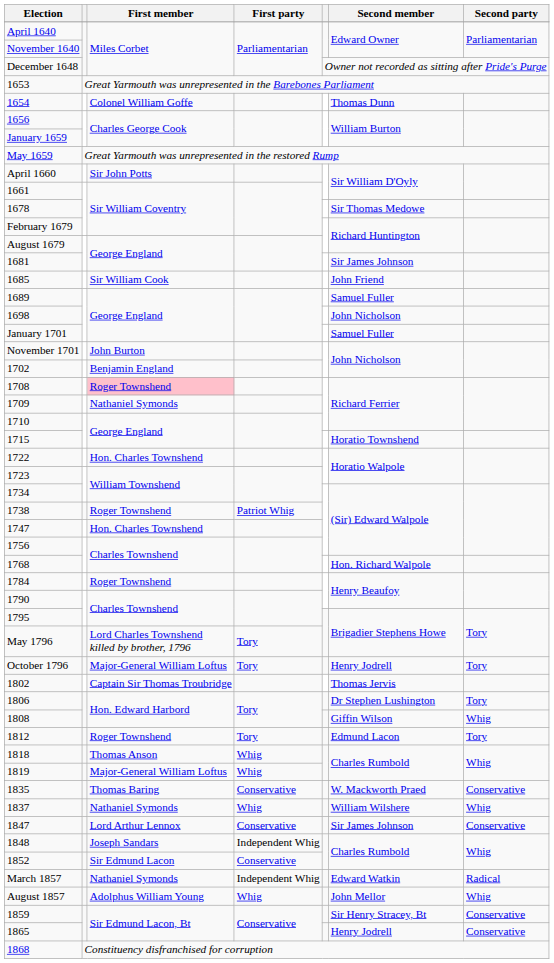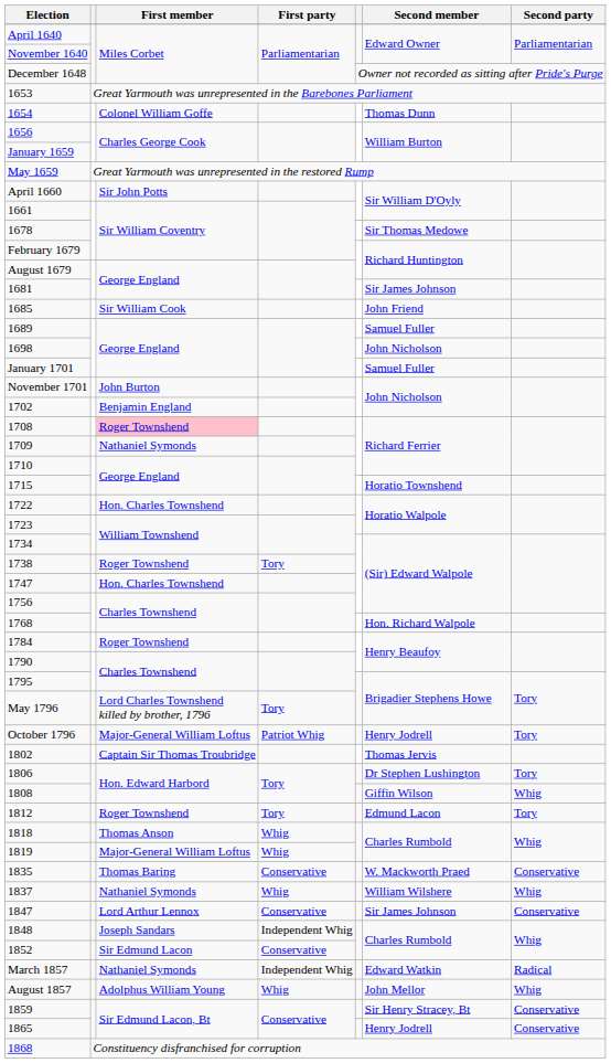 <table class="wikitable">
 <tr>
 <th>Election</th>
 <th></th>
 <th>First member</th>
 <th>First party</th>
 <th></th>
 <th>Second member</th>
 <th>Second party</th>
 </tr>
 <tr>
 </tr>
 <tr>
 <td><a href='#'>April 1640</a></td>
 <td rowspan="3" style="color:inherit;background-color: "></td>
 <td rowspan="3"><a href='#'>Miles Corbet</a></td>
 <td rowspan="3"><a href='#'>Parliamentarian</a></td>
 <td rowspan="2" style="color:inherit;background-color: "></td>
 <td rowspan="2"><a href='#'>Edward Owner</a></td>
 <td rowspan="2"><a href='#'>Parliamentarian</a></td>
 </tr>
 <tr>
 <td><a href='#'>November 1640</a></td>
 </tr>
 <tr>
 <td>December 1648</td>
 <td colspan="3"><em>Owner not recorded as sitting after <a href='#'>Pride's Purge</a></em></td>
 </tr>
 <tr>
 <td>1653</td>
 <td colspan="6"><em>Great Yarmouth was unrepresented in the <a href='#'>Barebones Parliament</a></em></td>
 </tr>
 <tr>
 <td><a href='#'>1654</a></td>
 <td style="color:inherit;background-color: white"></td>
 <td><a href='#'>Colonel William Goffe</a></td>
 <td></td>
 <td style="color:inherit;background-color: white"></td>
 <td><a href='#'>Thomas Dunn</a></td>
 <td></td>
 </tr>
 <tr>
 <td><a href='#'>1656</a></td>
 <td rowspan="2" style="color:inherit;background-color: white"></td>
 <td rowspan="2"><a href='#'>Charles George Cook</a></td>
 <td rowspan="2"></td>
 <td rowspan="2" style="color:inherit;background-color: white"></td>
 <td rowspan="2"><a href='#'>William Burton</a></td>
 <td rowspan="2"></td>
 </tr>
 <tr>
 <td><a href='#'>January 1659</a></td>
 </tr>
 <tr>
 <td><a href='#'>May 1659</a></td>
 <td colspan="6"><em>Great Yarmouth was unrepresented in the restored <a href='#'>Rump</a></em></td>
 </tr>
 <tr>
 <td>April 1660</td>
 <td style="color:inherit;background-color: white"></td>
 <td><a href='#'>Sir John Potts</a></td>
 <td></td>
 <td rowspan="2" style="color:inherit;background-color: white"></td>
 <td rowspan="2"><a href='#'>Sir William D'Oyly</a></td>
 <td rowspan="2"></td>
 </tr>
 <tr>
 <td>1661</td>
 <td rowspan="3" style="color:inherit;background-color: white"></td>
 <td rowspan="3"><a href='#'>Sir William Coventry</a></td>
 <td rowspan="3"></td>
 </tr>
 <tr>
 <td>1678</td>
 <td style="color:inherit;background-color: white"></td>
 <td><a href='#'>Sir Thomas Medowe</a></td>
 <td></td>
 </tr>
 <tr>
 <td>February 1679</td>
 <td rowspan="2" style="color:inherit;background-color: white"></td>
 <td rowspan="2"><a href='#'>Richard Huntington</a></td>
 <td rowspan="2"></td>
 </tr>
 <tr>
 <td>August 1679</td>
 <td rowspan="2" style="color:inherit;background-color: white"></td>
 <td rowspan="2"><a href='#'>George England</a></td>
 <td rowspan="2"></td>
 </tr>
 <tr>
 <td>1681</td>
 <td style="color:inherit;background-color: white"></td>
 <td><a href='#'>Sir James Johnson</a></td>
 <td></td>
 </tr>
 <tr>
 <td>1685</td>
 <td style="color:inherit;background-color: white"></td>
 <td><a href='#'>Sir William Cook</a></td>
 <td></td>
 <td style="color:inherit;background-color: white"></td>
 <td><a href='#'>John Friend</a></td>
 <td></td>
 </tr>
 <tr>
 <td>1689</td>
 <td rowspan="3" style="color:inherit;background-color: white"></td>
 <td rowspan="3"><a href='#'>George England</a></td>
 <td rowspan="3"></td>
 <td style="color:inherit;background-color: white"></td>
 <td><a href='#'>Samuel Fuller</a></td>
 <td></td>
 </tr>
 <tr>
 <td>1698</td>
 <td style="color:inherit;background-color: white"></td>
 <td><a href='#'>John Nicholson</a></td>
 <td></td>
 </tr>
 <tr>
 <td>January 1701</td>
 <td style="color:inherit;background-color: white"></td>
 <td><a href='#'>Samuel Fuller</a></td>
 <td></td>
 </tr>
 <tr>
 <td>November 1701</td>
 <td style="color:inherit;background-color: white"></td>
 <td><a href='#'>John Burton</a></td>
 <td></td>
 <td rowspan="2" style="color:inherit;background-color: white"></td>
 <td rowspan="2"><a href='#'>John Nicholson</a></td>
 <td rowspan="2"></td>
 </tr>
 <tr>
 <td>1702</td>
 <td style="color:inherit;background-color: white"></td>
 <td><a href='#'>Benjamin England</a></td>
 <td></td>
 </tr>
 <tr>
 <td>1708</td>
 <td style="color:inherit;background-color: white"></td>
 <td style="background: pink;"><a href='#'>Roger Townshend</a></td>
 <td></td>
 <td rowspan="3" style="color:inherit;background-color: white"></td>
 <td rowspan="3"><a href='#'>Richard Ferrier</a></td>
 <td rowspan="3"></td>
 </tr>
 <tr>
 <td>1709</td>
 <td style="color:inherit;background-color: white"></td>
 <td><a href='#'>Nathaniel Symonds</a></td>
 <td></td>
 </tr>
 <tr>
 <td>1710</td>
 <td rowspan="2" style="color:inherit;background-color: white"></td>
 <td rowspan="2"><a href='#'>George England</a></td>
 <td rowspan="2"></td>
 </tr>
 <tr>
 <td>1715</td>
 <td style="color:inherit;background-color: white"></td>
 <td><a href='#'>Horatio Townshend</a></td>
 <td></td>
 </tr>
 <tr>
 <td>1722</td>
 <td style="color:inherit;background-color: white"></td>
 <td><a href='#'>Hon. Charles Townshend</a></td>
 <td></td>
 <td rowspan="2" style="color:inherit;background-color: white"></td>
 <td rowspan="2"><a href='#'>Horatio Walpole</a></td>
 <td rowspan="2"></td>
 </tr>
 <tr>
 <td>1723</td>
 <td rowspan="2" style="color:inherit;background-color: white"></td>
 <td rowspan="2"><a href='#'>William Townshend</a></td>
 <td rowspan="2"></td>
 </tr>
 <tr>
 <td>1734</td>
 <td rowspan="4" style="color:inherit;background-color: white"></td>
 <td rowspan="4"><a href='#'>(Sir) Edward Walpole</a></td>
 <td rowspan="4"></td>
 </tr>
 <tr>
 <td>1738</td>
 <td style="color:inherit;background-color: "></td>
 <td><a href='#'>Roger Townshend</a></td>
-<td> <a href='#'>Patriot Whig</a></td>
+<td><a href='#'>Tory</a></td>
 </tr>
 <tr>
 <td>1747</td>
 <td style="color:inherit;background-color: white"></td>
 <td><a href='#'>Hon. Charles Townshend</a></td>
 <td></td>
 </tr>
 <tr>
 <td>1756</td>
 <td rowspan="2" style="color:inherit;background-color: white"></td>
 <td rowspan="2"><a href='#'>Charles Townshend</a></td>
 <td rowspan="2"></td>
 </tr>
 <tr>
 <td>1768</td>
 <td style="color:inherit;background-color: white"></td>
 <td><a href='#'>Hon. Richard Walpole</a></td>
 <td></td>
 </tr>
 <tr>
 <td>1784</td>
 <td style="color:inherit;background-color: white"></td>
 <td><a href='#'>Roger Townshend</a></td>
 <td></td>
 <td rowspan="2" style="color:inherit;background-color: white"></td>
 <td rowspan="2"><a href='#'>Henry Beaufoy</a></td>
 <td rowspan="2"></td>
 </tr>
 <tr>
 <td>1790</td>
 <td rowspan="2" style="color:inherit;background-color: white"></td>
 <td rowspan="2"><a href='#'>Charles Townshend</a></td>
 <td rowspan="2"></td>
 </tr>
 <tr>
 <td>1795</td>
 <td rowspan="2" style="color:inherit;background-color: "></td>
 <td rowspan="2"><a href='#'>Brigadier Stephens Howe</a></td>
 <td rowspan="2"><a href='#'>Tory</a></td>
 </tr>
 <tr>
 <td>May 1796</td>
 <td style="color:inherit;background-color: "></td>
 <td><a href='#'>Lord Charles Townshend</a> <br> <em>killed by brother, 1796</em></td>
 <td><a href='#'>Tory</a></td>
 </tr>
 <tr>
 <td>October 1796</td>
 <td style="color:inherit;background-color: "></td>
 <td><a href='#'>Major-General William Loftus</a></td>
-<td><a href='#'>Tory</a></td>
+<td> <a href='#'>Patriot Whig</a></td>
 <td style="color:inherit;background-color: "></td>
 <td><a href='#'>Henry Jodrell</a></td>
 <td><a href='#'>Tory</a></td>
 </tr>
 <tr>
 <td>1802</td>
 <td style="color:inherit;background-color: white"></td>
 <td><a href='#'>Captain Sir Thomas Troubridge</a></td>
 <td></td>
 <td style="color:inherit;background-color: white"></td>
 <td><a href='#'>Thomas Jervis</a></td>
 <td></td>
 </tr>
 <tr>
 <td>1806</td>
 <td rowspan="2" style="color:inherit;background-color: "></td>
 <td rowspan="2"><a href='#'>Hon. Edward Harbord</a></td>
 <td rowspan="2"><a href='#'>Tory</a></td>
 <td style="color:inherit;background-color: "></td>
 <td><a href='#'>Dr Stephen Lushington</a></td>
 <td><a href='#'>Tory</a></td>
 </tr>
 <tr>
 <td>1808</td>
 <td style="color:inherit;background-color: "></td>
 <td><a href='#'>Giffin Wilson</a></td>
 <td><a href='#'>Whig</a></td>
 </tr>
 <tr>
 <td>1812</td>
 <td style="color:inherit;background-color: "></td>
 <td><a href='#'>Roger Townshend</a></td>
 <td><a href='#'>Tory</a></td>
 <td style="color:inherit;background-color: "></td>
 <td><a href='#'>Edmund Lacon</a></td>
 <td><a href='#'>Tory</a></td>
 </tr>
 <tr>
 <td>1818</td>
 <td style="color:inherit;background-color: "></td>
 <td><a href='#'>Thomas Anson</a></td>
 <td><a href='#'>Whig</a></td>
 <td rowspan="2" style="color:inherit;background-color: "></td>
 <td rowspan="2"><a href='#'>Charles Rumbold</a></td>
 <td rowspan="2"><a href='#'>Whig</a></td>
 </tr>
 <tr>
 <td>1819</td>
 <td style="color:inherit;background-color: "></td>
 <td><a href='#'>Major-General William Loftus</a></td>
 <td><a href='#'>Whig</a></td>
 </tr>
 <tr>
 <td>1835</td>
 <td style="color:inherit;background-color: "></td>
 <td><a href='#'>Thomas Baring</a></td>
 <td><a href='#'>Conservative</a></td>
 <td style="color:inherit;background-color: "></td>
 <td><a href='#'>W. Mackworth Praed</a></td>
 <td><a href='#'>Conservative</a></td>
 </tr>
 <tr>
 <td>1837</td>
 <td style="color:inherit;background-color: "></td>
 <td><a href='#'>Nathaniel Symonds</a></td>
 <td><a href='#'>Whig</a></td>
 <td style="color:inherit;background-color: "></td>
 <td><a href='#'>William Wilshere</a></td>
 <td><a href='#'>Whig</a></td>
 </tr>
 <tr>
 <td>1847 </td>
 <td style="color:inherit;background-color: "></td>
 <td><a href='#'>Lord Arthur Lennox</a></td>
 <td><a href='#'>Conservative</a></td>
 <td style="color:inherit;background-color: "></td>
 <td><a href='#'>Sir James Johnson</a></td>
 <td><a href='#'>Conservative</a></td>
 </tr>
 <tr>
 <td>1848</td>
 <td style="color:inherit;background-color: "></td>
 <td><a href='#'>Joseph Sandars</a></td>
 <td>Independent Whig</td>
 <td rowspan="2" style="color:inherit;background-color: "></td>
 <td rowspan="2"><a href='#'>Charles Rumbold</a></td>
 <td rowspan="2"><a href='#'>Whig</a></td>
 </tr>
 <tr>
 <td>1852</td>
 <td style="color:inherit;background-color: "></td>
 <td><a href='#'>Sir Edmund Lacon</a></td>
 <td><a href='#'>Conservative</a></td>
 </tr>
 <tr>
 <td>March 1857</td>
 <td style="color:inherit;background-color: "></td>
 <td><a href='#'>Nathaniel Symonds</a></td>
 <td>Independent Whig</td>
 <td style="color:inherit;background-color: "></td>
 <td><a href='#'>Edward Watkin</a></td>
 <td><a href='#'>Radical</a></td>
 </tr>
 <tr>
 <td>August 1857</td>
 <td style="color:inherit;background-color: "></td>
 <td><a href='#'>Adolphus William Young</a></td>
 <td><a href='#'>Whig</a></td>
 <td style="color:inherit;background-color: "></td>
 <td><a href='#'>John Mellor</a></td>
 <td><a href='#'>Whig</a></td>
 </tr>
 <tr>
 <td>1859</td>
 <td rowspan="2" style="color:inherit;background-color: "></td>
 <td rowspan="2"><a href='#'>Sir Edmund Lacon, Bt</a></td>
 <td rowspan="2"><a href='#'>Conservative</a></td>
 <td style="color:inherit;background-color: "></td>
 <td><a href='#'>Sir Henry Stracey, Bt</a></td>
 <td><a href='#'>Conservative</a></td>
 </tr>
 <tr>
 <td>1865</td>
 <td style="color:inherit;background-color: "></td>
 <td><a href='#'>Henry Jodrell</a></td>
 <td><a href='#'>Conservative</a></td>
 </tr>
 <tr>
 <td><a href='#'>1868</a></td>
 <td colspan="6"><em>Constituency disfranchised for corruption</em></td>
 </tr>
 </table>
